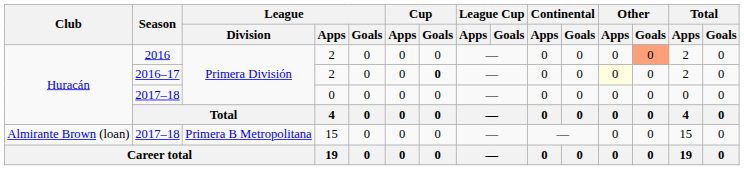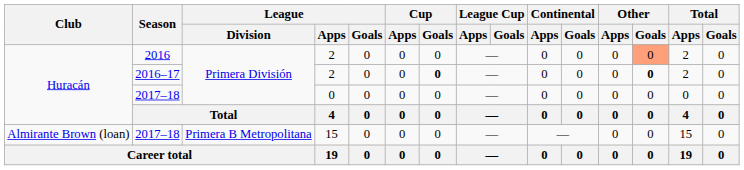 <table class="wikitable" style="text-align:center">
 <tr>
 <th rowspan="2">Club</th>
 <th rowspan="2">Season</th>
 <th colspan="3">League</th>
 <th colspan="2">Cup</th>
 <th colspan="2">League Cup</th>
 <th colspan="2">Continental</th>
 <th colspan="2">Other</th>
 <th colspan="2">Total</th>
 </tr>
 <tr>
 <th>Division</th>
 <th>Apps</th>
 <th>Goals</th>
 <th>Apps</th>
 <th>Goals</th>
 <th>Apps</th>
 <th>Goals</th>
 <th>Apps</th>
 <th>Goals</th>
 <th>Apps</th>
 <th>Goals</th>
 <th>Apps</th>
 <th>Goals</th>
 </tr>
 <tr>
 <td rowspan="4"><a href='#'>Huracán</a></td>
 <td><a href='#'>2016</a></td>
 <td rowspan="3"><a href='#'>Primera División</a></td>
 <td>2</td>
 <td>0</td>
 <td>0</td>
 <td>0</td>
 <td colspan="2">—</td>
 <td>0</td>
 <td>0</td>
 <td>0</td>
 <td style="background: lightsalmon;">0</td>
 <td>2</td>
 <td>0</td>
 </tr>
 <tr>
 <td><a href='#'>2016–17</a></td>
 <td>2</td>
 <td>0</td>
 <td>0</td>
 <td><strong>0</strong></td>
 <td colspan="2">—</td>
 <td>0</td>
 <td>0</td>
-<td style="background: lightyellow;">0</td>
 <td>0</td>
+<td><strong>0</strong></td>
 <td>2</td>
 <td>0</td>
 </tr>
 <tr>
 <td><a href='#'>2017–18</a></td>
 <td>0</td>
 <td>0</td>
 <td>0</td>
 <td>0</td>
 <td colspan="2">—</td>
 <td>0</td>
 <td>0</td>
 <td>0</td>
 <td>0</td>
 <td>0</td>
 <td>0</td>
 </tr>
 <tr>
 <th colspan="2">Total</th>
 <th>4</th>
 <th>0</th>
 <th>0</th>
 <th>0</th>
 <th colspan="2">—</th>
 <th>0</th>
 <th>0</th>
 <th>0</th>
 <th>0</th>
 <th>4</th>
 <th>0</th>
 </tr>
 <tr>
 <td rowspan="1"><a href='#'>Almirante Brown</a> (loan)</td>
 <td><a href='#'>2017–18</a></td>
 <td rowspan="1"><a href='#'>Primera B Metropolitana</a></td>
 <td>15</td>
 <td>0</td>
 <td>0</td>
 <td>0</td>
 <td colspan="2">—</td>
 <td colspan="2">—</td>
 <td>0</td>
 <td>0</td>
 <td>15</td>
 <td>0</td>
 </tr>
 <tr>
 <th colspan="3">Career total</th>
 <th>19</th>
 <th>0</th>
 <th>0</th>
 <th>0</th>
 <th colspan="2">—</th>
 <th>0</th>
 <th>0</th>
 <th>0</th>
 <th>0</th>
 <th>19</th>
 <th>0</th>
 </tr>
 </table>
